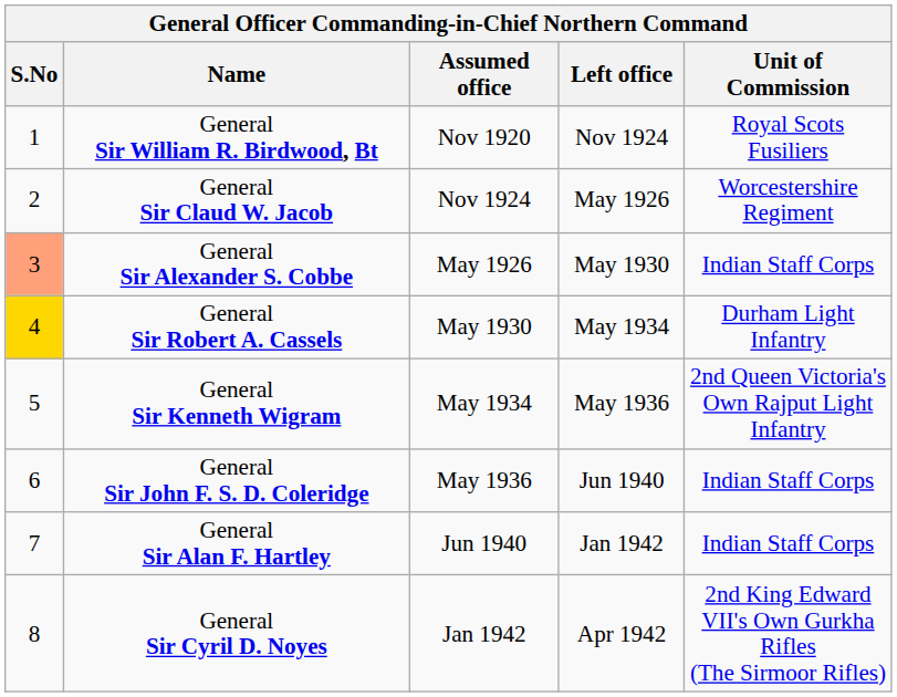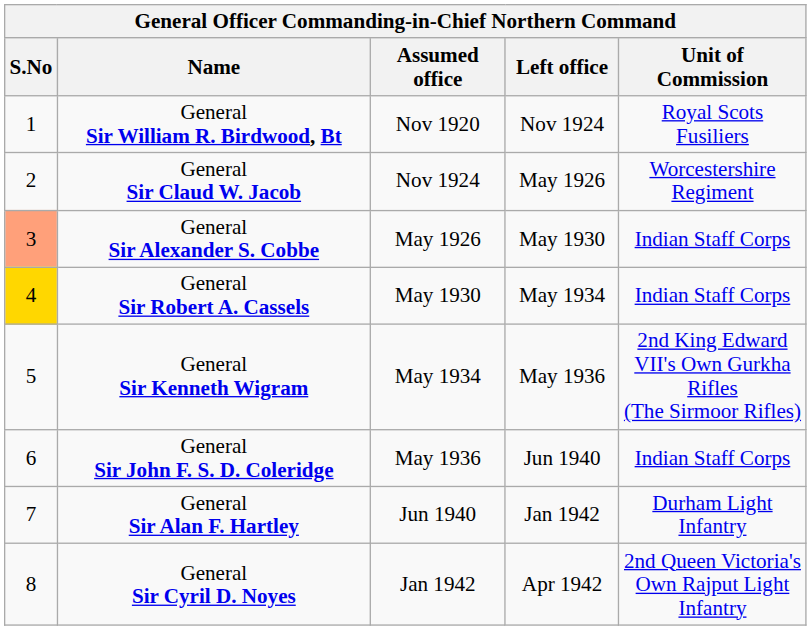 <table class="wikitable sortable" style="text-align:center">
 <tr>
 <th colspan="5"><strong>General Officer Commanding-in-Chief Northern Command</strong></th>
 </tr>
 <tr style="background:#cccccc">
 <th scope="col" style="width: 20px;">S.No</th>
 <th scope="col" style="width: 500px;">Name</th>
 <th scope="col" style="width: 150px;">Assumed office</th>
 <th scope="col" style="width: 150px;">Left office</th>
 <th scope="col" style="width: 200px;">Unit of Commission</th>
 </tr>
 <tr>
 <td>1</td>
 <td>General<br><strong><a href='#'>Sir William R. Birdwood</a>, <a href='#'>Bt</a> </strong></td>
 <td>Nov 1920</td>
 <td>Nov 1924</td>
 <td><a href='#'>Royal Scots Fusiliers</a></td>
 </tr>
 <tr>
 <td>2</td>
 <td>General<br><strong><a href='#'>Sir Claud W. Jacob</a> </strong></td>
 <td>Nov 1924</td>
 <td>May 1926</td>
 <td><a href='#'>Worcestershire Regiment</a></td>
 </tr>
 <tr>
 <td style="background: lightsalmon;">3</td>
 <td>General<br><strong><a href='#'>Sir Alexander S. Cobbe</a> </strong></td>
 <td>May 1926</td>
 <td>May 1930</td>
 <td><a href='#'>Indian Staff Corps</a></td>
 </tr>
 <tr>
 <td style="background: gold;">4</td>
 <td>General<br><strong><a href='#'>Sir Robert A. Cassels</a> </strong></td>
 <td>May 1930</td>
 <td>May 1934</td>
-<td><a href='#'>Durham Light Infantry</a></td>
+<td><a href='#'>Indian Staff Corps</a></td>
 </tr>
 <tr>
 <td>5</td>
 <td>General<br><strong><a href='#'>Sir Kenneth Wigram</a> </strong></td>
 <td>May 1934</td>
 <td>May 1936</td>
-<td><a href='#'>2nd Queen Victoria's Own Rajput Light Infantry</a></td>
+<td><a href='#'>2nd King Edward VII's Own Gurkha Rifles</a><br><a href='#'>(The Sirmoor Rifles)</a></td>
 </tr>
 <tr>
 <td>6</td>
 <td>General<br><strong><a href='#'>Sir John F. S. D. Coleridge</a> </strong></td>
 <td>May 1936</td>
 <td>Jun 1940</td>
 <td><a href='#'>Indian Staff Corps</a></td>
 </tr>
 <tr>
 <td>7</td>
 <td>General<br><strong><a href='#'>Sir Alan F. Hartley</a> </strong></td>
 <td>Jun 1940</td>
 <td>Jan 1942</td>
-<td><a href='#'>Indian Staff Corps</a></td>
+<td><a href='#'>Durham Light Infantry</a></td>
 </tr>
 <tr>
 <td>8</td>
 <td>General<br><strong><a href='#'>Sir Cyril D. Noyes</a> </strong></td>
 <td>Jan 1942</td>
 <td>Apr 1942</td>
-<td><a href='#'>2nd King Edward VII's Own Gurkha Rifles</a><br><a href='#'>(The Sirmoor Rifles)</a></td>
+<td><a href='#'>2nd Queen Victoria's Own Rajput Light Infantry</a></td>
 </tr>
 </table>
